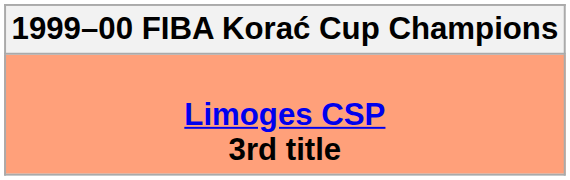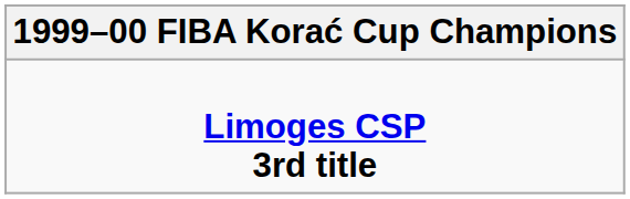 <table class=wikitable style="text-align:center; margin:auto">
 <tr>
 <th>1999–00 FIBA Korać Cup Champions</th>
 </tr>
 <tr>
-<td style="background: lightsalmon;"><br> <strong><a href='#'>Limoges CSP</a></strong> <br> <strong>3rd title</strong></td>
+<td><br> <strong><a href='#'>Limoges CSP</a></strong> <br> <strong>3rd title</strong></td>
 </tr>
 </table>
